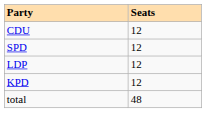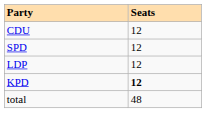 <table class="wikitable">
 <tr>
 <th style="background:#ffdead; width:175px; text-align:left;">Party</th>
 <th style="background:#ffdead; width:100px; text-align:left;">Seats</th>
 </tr>
 <tr>
 <td><a href='#'>CDU</a></td>
 <td>12</td>
 </tr>
 <tr>
 <td><a href='#'>SPD</a></td>
 <td>12</td>
 </tr>
 <tr>
 <td><a href='#'>LDP</a></td>
 <td>12</td>
 </tr>
 <tr>
 <td><a href='#'>KPD</a></td>
-<td>12</td>
+<td><strong>12</strong></td>
 </tr>
 <tr>
 <td>total</td>
 <td>48</td>
 </tr>
 </table>
